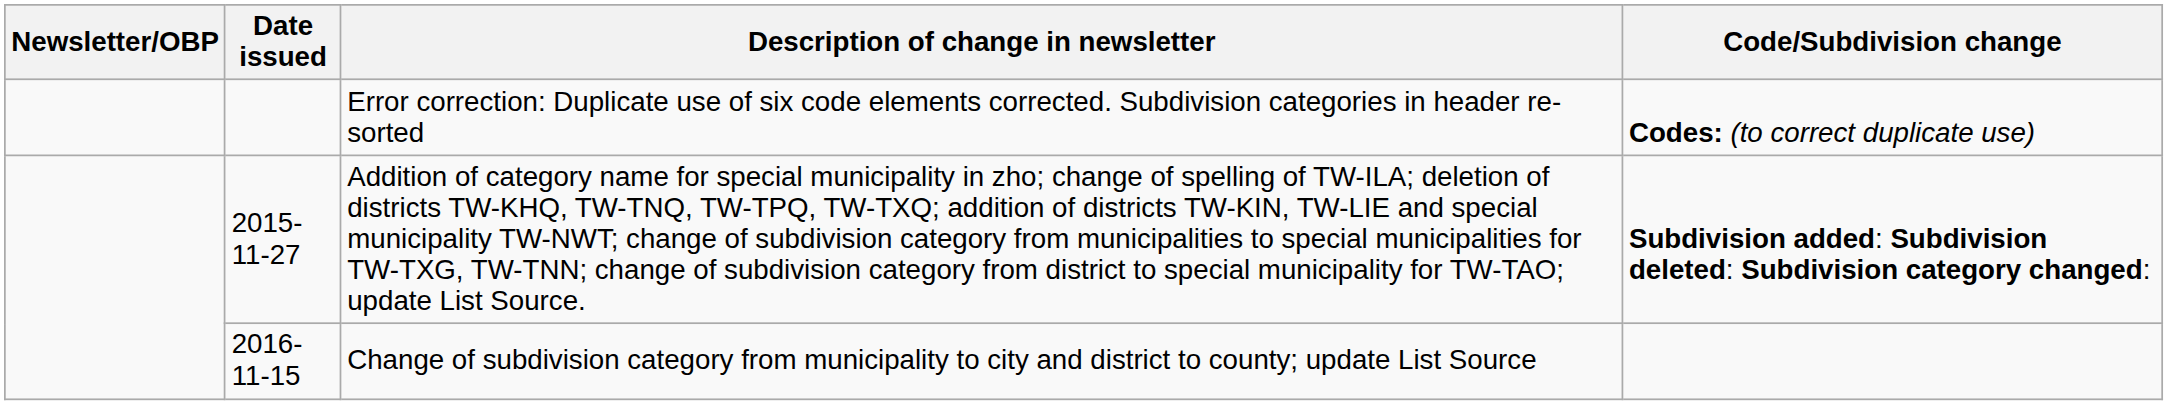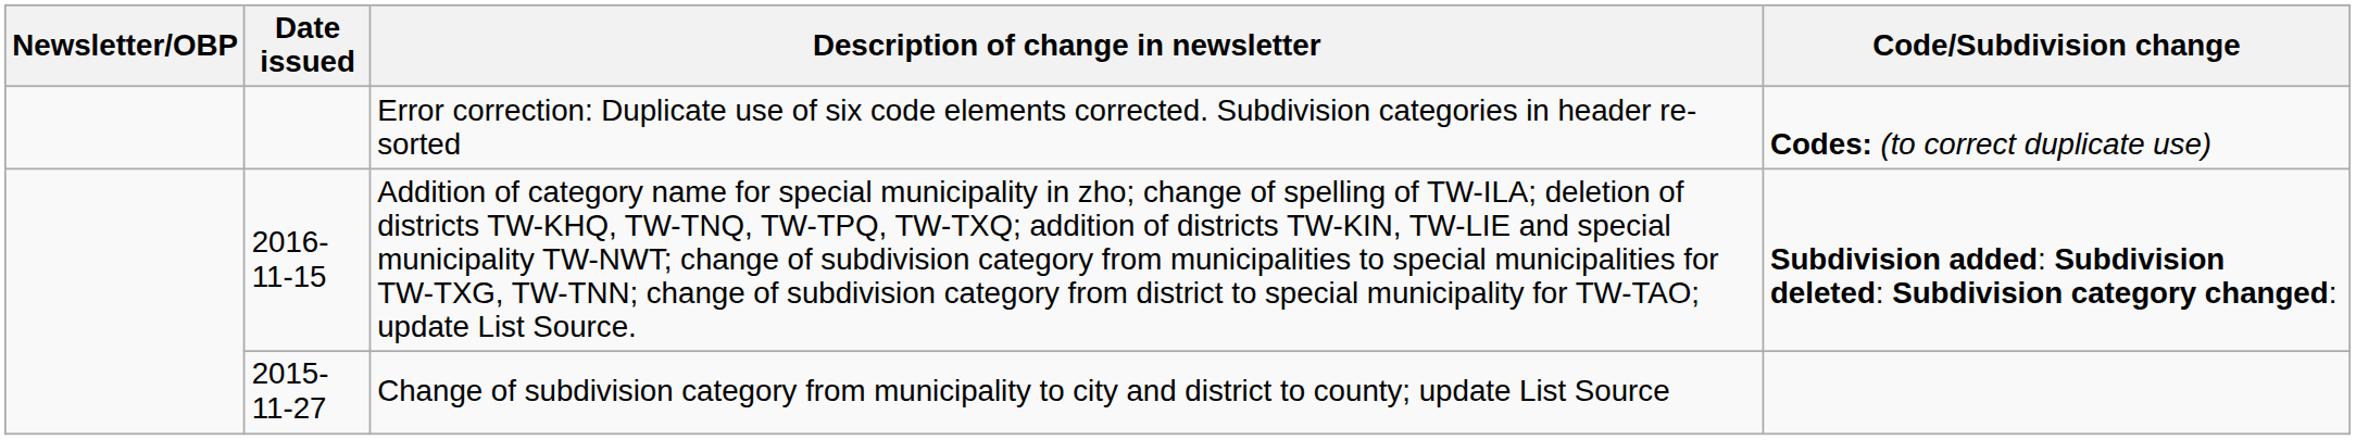 <table class="wikitable">
 <tr>
 <th>Newsletter/OBP</th>
 <th>Date issued</th>
 <th>Description of change in newsletter</th>
 <th>Code/Subdivision change</th>
 </tr>
 <tr>
 <td id="I-4"></td>
 <td></td>
 <td>Error correction: Duplicate use of six code elements corrected. Subdivision categories in header re-sorted</td>
 <td style=white-space:nowrap><br><strong>Codes:</strong> <em>(to correct duplicate use)</em> </td>
 </tr>
 <tr>
 <td rowspan="2"></td>
-<td>2015-11-27</td>
+<td>2016-11-15</td>
 <td>Addition of category name for special municipality in zho; change of spelling of TW-ILA; deletion of districts TW-KHQ, TW-TNQ, TW-TPQ, TW-TXQ; addition of districts TW-KIN, TW-LIE and special municipality TW-NWT; change of subdivision category from municipalities to special municipalities for TW-TXG, TW-TNN; change of subdivision category from district to special municipality for TW-TAO; update List Source.</td>
 <td><br><strong>Subdivision added</strong>:  <strong>Subdivision deleted</strong>:  <strong>Subdivision category changed</strong>: </td>
 </tr>
 <tr>
-<td>2016-11-15</td>
+<td>2015-11-27</td>
 <td>Change of subdivision category from municipality to city and district to county; update List Source</td>
 <td><br></td>
 </tr>
 </table>
